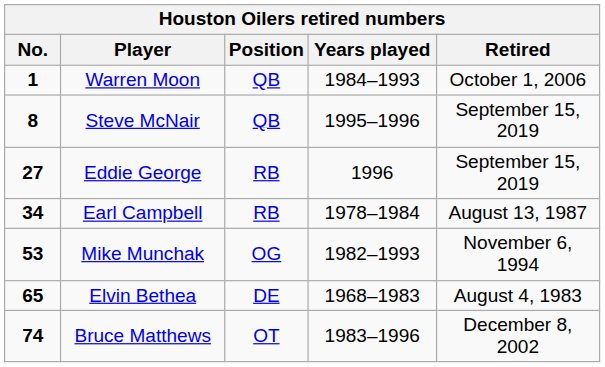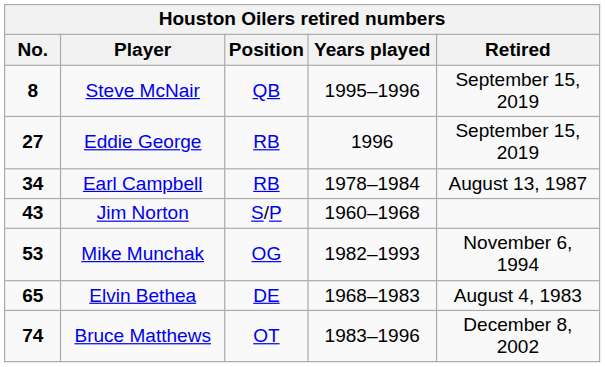 <table class="wikitable" style="text-align:center">
 <tr>
 <th colspan="5">Houston Oilers retired numbers</th>
 </tr>
 <tr>
 <th width=40px>No.</th>
 <th width=130px>Player</th>
 <th width=40px>Position</th>
 <th width=100px>Years played</th>
 <th width=130px>Retired</th>
-</tr>
-<tr>
-<td><strong>1</strong></td>
-<td><a href='#'>Warren Moon</a></td>
-<td><a href='#'>QB</a></td>
-<td>1984–1993</td>
-<td>October 1, 2006</td>
 </tr>
 <tr>
 <td><strong>8</strong></td>
 <td><a href='#'>Steve McNair</a></td>
 <td><a href='#'>QB</a></td>
 <td>1995–1996</td>
 <td>September 15, 2019</td>
 </tr>
 <tr>
 <td><strong>27</strong></td>
 <td><a href='#'>Eddie George</a></td>
 <td><a href='#'>RB</a></td>
 <td>1996</td>
 <td>September 15, 2019</td>
 </tr>
 <tr>
 <td><strong>34</strong></td>
 <td><a href='#'>Earl Campbell</a></td>
 <td><a href='#'>RB</a></td>
 <td>1978–1984</td>
 <td>August 13, 1987</td>
 </tr>
 <tr>
+<td><strong>43</strong></td>
+<td><a href='#'>Jim Norton</a></td>
+<td><a href='#'>S</a>/<a href='#'>P</a></td>
+<td>1960–1968</td>
+<td></td>
+</tr>
+<tr>
 <td><strong>53</strong></td>
 <td><a href='#'>Mike Munchak</a></td>
 <td><a href='#'>OG</a></td>
 <td>1982–1993</td>
 <td>November 6, 1994</td>
 </tr>
 <tr>
 <td><strong>65</strong></td>
 <td><a href='#'>Elvin Bethea</a></td>
 <td><a href='#'>DE</a></td>
 <td>1968–1983</td>
 <td>August 4, 1983</td>
 </tr>
 <tr>
 <td><strong>74</strong></td>
 <td><a href='#'>Bruce Matthews</a></td>
 <td><a href='#'>OT</a></td>
 <td>1983–1996</td>
 <td>December 8, 2002</td>
 </tr>
 </table>
